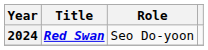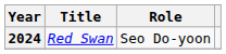 <table class="wikitable sortable plainrowheaders">
 <tr>
 <th scope="col">Year</th>
 <th scope="col">Title</th>
 <th scope="col">Role</th>
 <th scope="col" class="unsortable"></th>
 </tr>
 <tr>
 <th scope="row">2024</th>
-<td><strong><em><a href='#'>Red Swan</a></em></strong></td>
+<td><em><a href='#'>Red Swan</a></em></td>
 <td>Seo Do-yoon</td>
 <td style="text-align:center"></td>
 </tr>
 <tr>
 </tr>
 </table>
